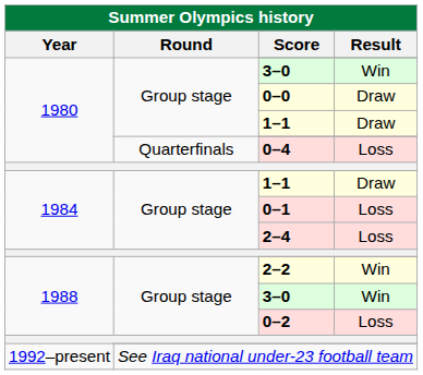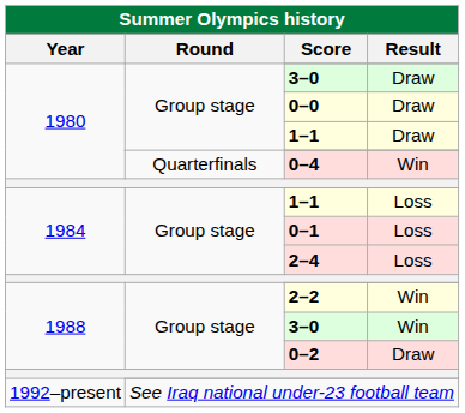 <table class="wikitable sortable mw-collapsible mw-collapsed"  style="text-align:center;">
 <tr>
 <th colspan=4 style="background: #007A3D; color: #FFFFFF;">Summer Olympics history</th>
 </tr>
 <tr>
 <th>Year</th>
 <th>Round</th>
 <th>Score</th>
 <th>Result</th>
 </tr>
 <tr>
 <td rowspan=6><a href='#'>1980</a></td>
 <td rowspan=4>Group stage</td>
 </tr>
 <tr bgcolor=#ddffdd>
 <td align="left"> <strong>3–0</strong> </td>
-<td>Win</td>
+<td>Draw</td>
 </tr>
 <tr bgcolor=#ffffdd>
 <td align="left"> <strong>0–0</strong> </td>
 <td>Draw</td>
 </tr>
 <tr bgcolor=#ffffdd>
 <td align="left"> <strong>1–1</strong> </td>
 <td>Draw</td>
 </tr>
 <tr>
 <td rowspan=2>Quarterfinals</td>
 </tr>
 <tr bgcolor=#ffdddd>
 <td align="left"> <strong>0–4</strong> </td>
-<td>Loss</td>
+<td>Win</td>
 </tr>
 <tr>
 <th colspan="4"></th>
 </tr>
 <tr>
 <td rowspan=4><a href='#'>1984</a></td>
 <td rowspan=4>Group stage</td>
 </tr>
 <tr bgcolor=#ffffdd>
 <td align="left"> <strong>1–1</strong> </td>
-<td>Draw</td>
+<td>Loss</td>
 </tr>
 <tr bgcolor=#ffdddd>
 <td align="left"> <strong>0–1</strong> </td>
 <td>Loss</td>
 </tr>
 <tr bgcolor=#ffdddd>
 <td align="left"> <strong>2–4</strong> </td>
 <td>Loss</td>
 </tr>
 <tr>
 <th colspan="4"></th>
 </tr>
 <tr>
 <td rowspan=4><a href='#'>1988</a></td>
 <td rowspan=4>Group stage</td>
 </tr>
 <tr bgcolor=#ffffdd>
 <td align="left"> <strong>2–2</strong> </td>
 <td>Win</td>
 </tr>
 <tr bgcolor=#ddffdd>
 <td align="left"> <strong>3–0</strong> </td>
 <td>Win</td>
 </tr>
 <tr bgcolor=#ffdddd>
 <td align="left"> <strong>0–2</strong> </td>
-<td>Loss</td>
+<td>Draw</td>
 </tr>
 <tr>
 <th colspan="4"></th>
 </tr>
 <tr>
 <td rowspan=2><a href='#'>1992</a>–present</td>
 </tr>
 <tr>
 <td colspan="3"><em>See <a href='#'>Iraq national under-23 football team</a></em></td>
 </tr>
 </table>
